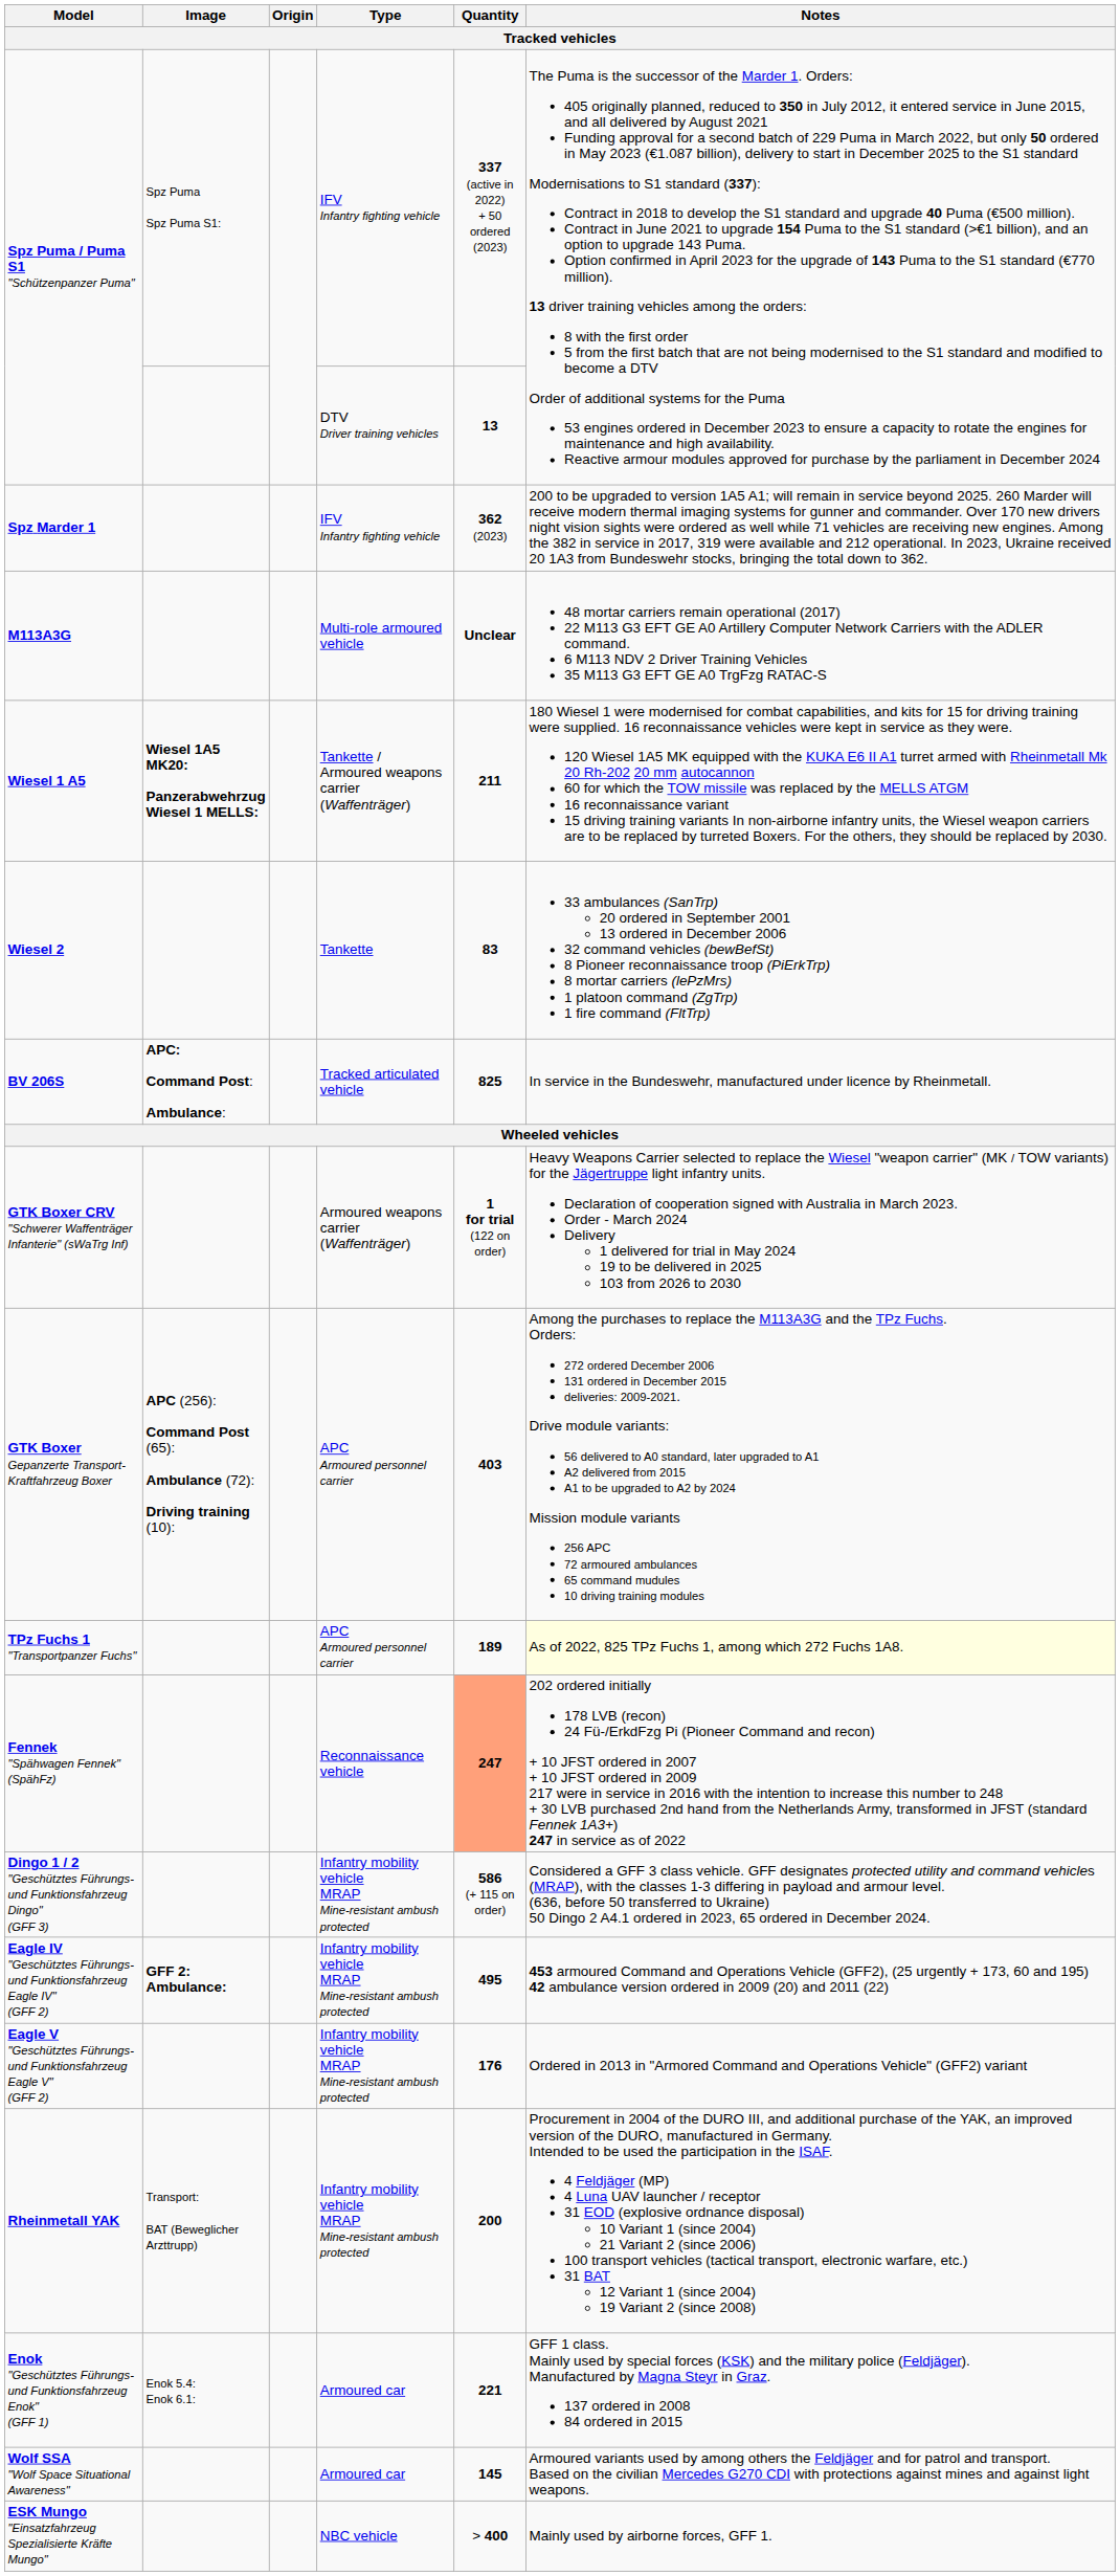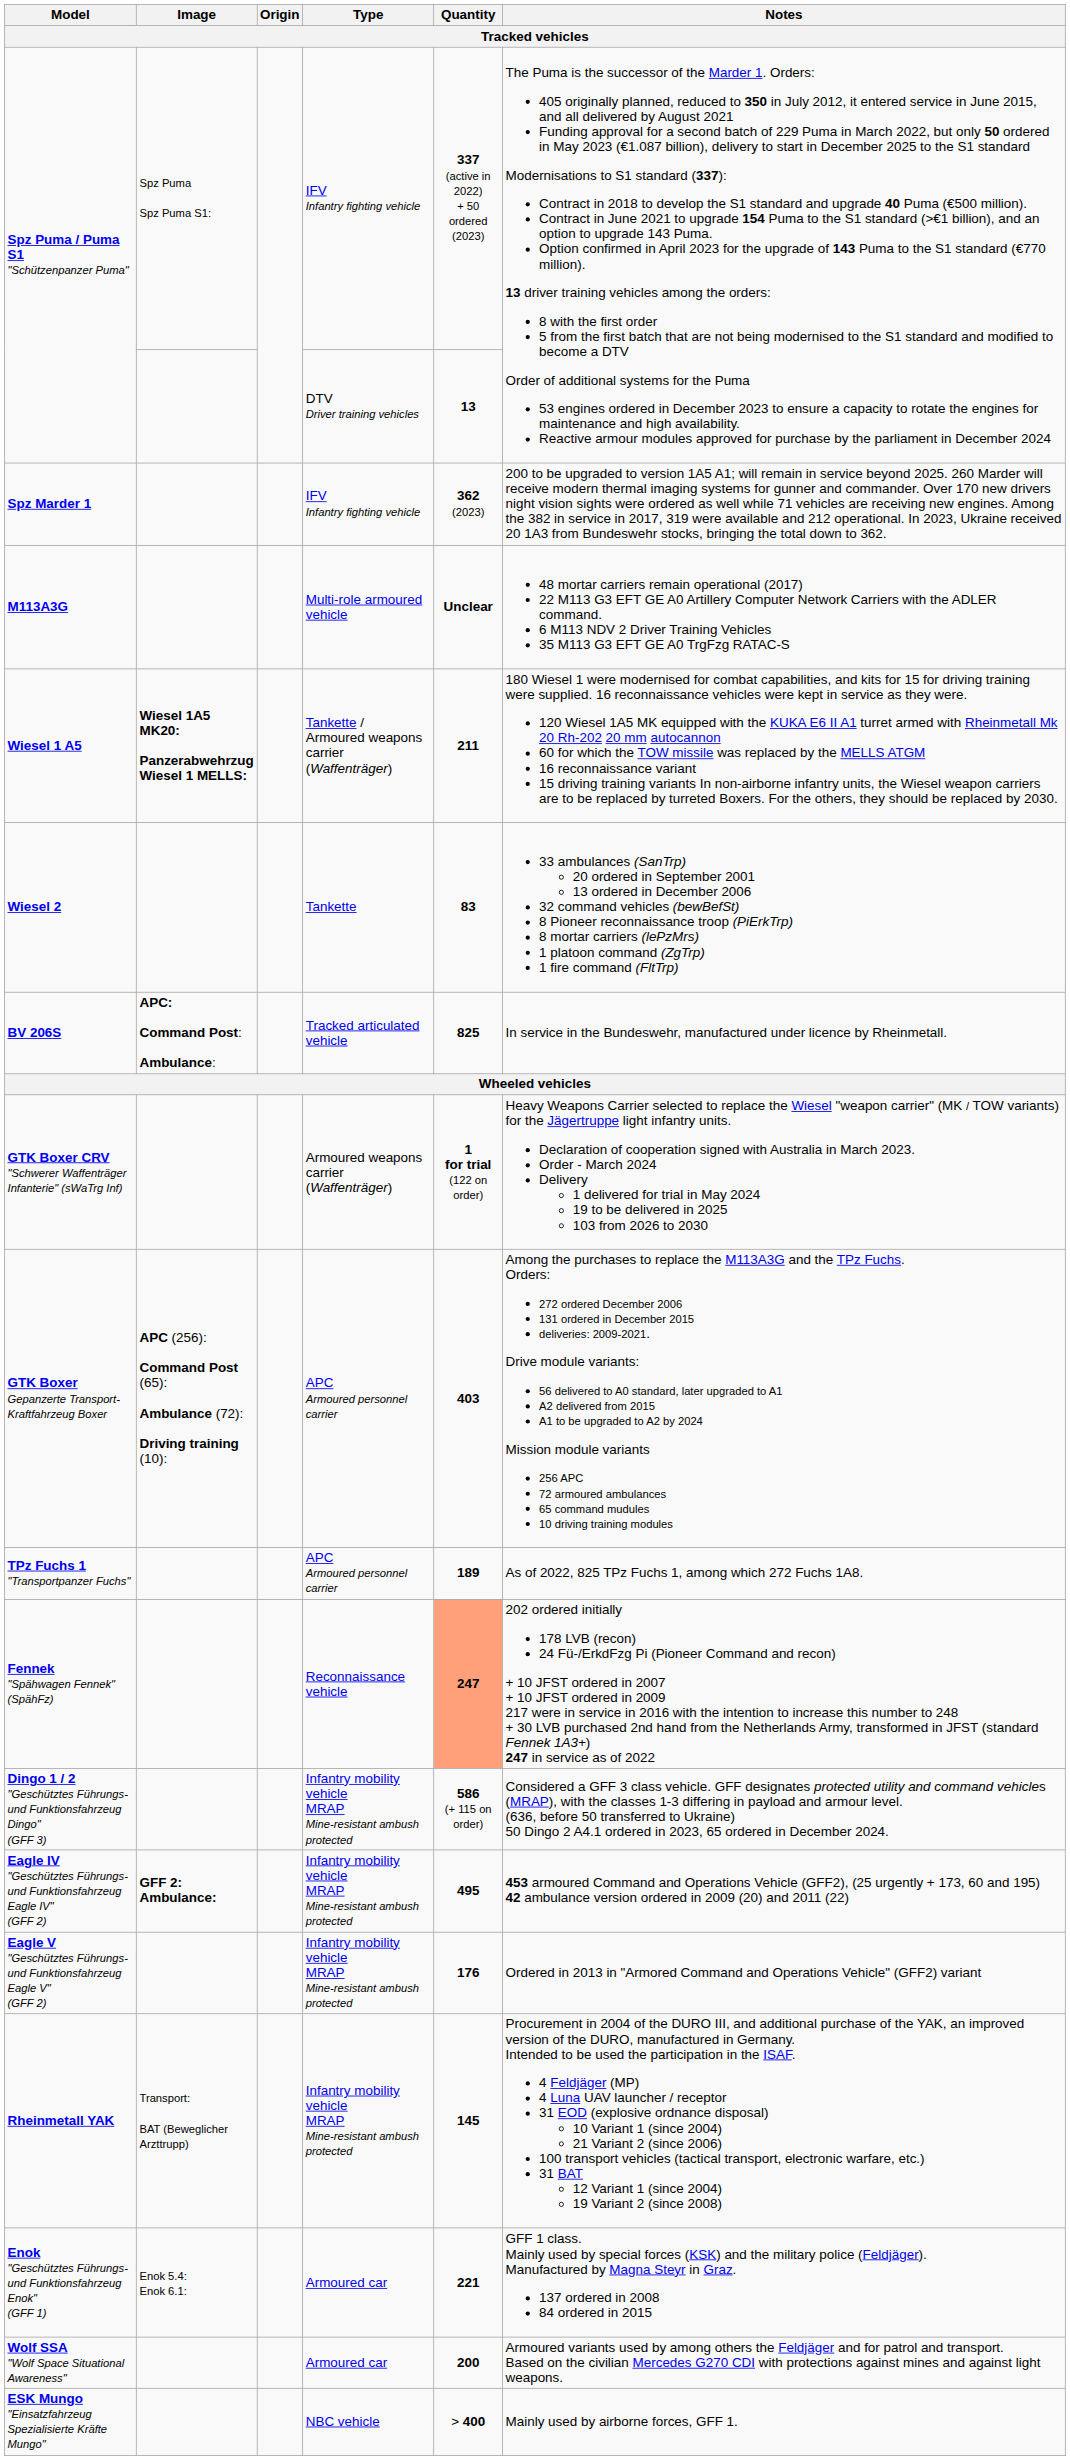 <table class="wikitable sortable" style="width:100%;">
 <tr>
 <th>Model</th>
 <th style="width:2%">Image</th>
 <th>Origin</th>
 <th>Type</th>
 <th>Quantity</th>
 <th>Notes</th>
 </tr>
 <tr>
 <th colspan="6">Tracked vehicles</th>
 </tr>
 <tr>
 <td rowspan="2"><a href='#'><strong>Spz Puma / Puma S1</strong></a><br><em><small>"Schützenpanzer Puma"</small></em></td>
 <td><small>Spz Puma</small><br><small></small><br><small>Spz Puma S1:</small><br><small></small></td>
 <td rowspan="2"><small></small></td>
 <td><a href='#'>IFV</a><br><em><small>Infantry fighting vehicle</small></em></td>
 <td style="text-align: center;"><strong>337</strong><br><small>(active in 2022)</small><br><small>+ 50 ordered (2023)</small></td>
 <td rowspan="2"><br>The Puma is the successor of the <a href='#'>Marder 1</a>. Orders:<ul><li>405 originally planned, reduced to <strong>350</strong> in July 2012, it entered service in June 2015, and all delivered by August 2021</li><li>Funding approval for a second batch of 229 Puma in March 2022, but only <strong>50</strong> ordered in May 2023 (€1.087 billion), delivery to start in December 2025 to the S1 standard</li></ul>Modernisations to S1 standard (<strong>337</strong>):<ul><li>Contract in 2018 to develop the S1 standard and upgrade <strong>40</strong> Puma (€500 million).</li><li>Contract in June 2021 to upgrade <strong>154</strong> Puma to the S1 standard (>€1 billion), and an option to upgrade 143 Puma.</li><li>Option confirmed in April 2023 for the upgrade of <strong>143</strong> Puma to the S1 standard (€770 million).</li></ul><strong>13</strong> driver training vehicles among the orders:<ul><li>8 with the first order</li><li>5 from the first batch that are not being modernised to the S1 standard and modified to become a DTV</li></ul>Order of additional systems for the Puma<ul><li>53 engines ordered in December 2023 to ensure a capacity to rotate the engines for maintenance and high availability.</li><li>Reactive armour modules approved for purchase by the parliament in December 2024</li></ul></td>
 </tr>
 <tr>
 <td></td>
 <td>DTV<br><em><small>Driver training vehicles</small></em></td>
 <td style="text-align: center;"><strong>13</strong></td>
 </tr>
 <tr>
 <td><a href='#'><strong>Spz</strong> <strong>Marder 1</strong></a></td>
 <td></td>
 <td><small></small></td>
 <td><a href='#'>IFV</a><br><em><small>Infantry fighting vehicle</small></em></td>
 <td style="text-align: center;"><strong>362</strong><br><small>(2023)</small></td>
 <td>200 to be upgraded to version 1A5 A1; will remain in service beyond 2025. 260 Marder will receive modern thermal imaging systems for gunner and commander. Over 170 new drivers night vision sights were ordered as well while 71 vehicles are receiving new engines. Among the 382 in service in 2017, 319 were available and 212 operational. In 2023, Ukraine received 20 1A3 from Bundeswehr stocks, bringing the total down to 362.</td>
 </tr>
 <tr>
 <td><a href='#'><strong>M113A3G</strong></a></td>
 <td></td>
 <td><small></small></td>
 <td><a href='#'>Multi-role armoured vehicle</a></td>
 <td style="text-align: center;"><strong>Unclear</strong></td>
 <td><br><ul><li>48 mortar carriers remain operational (2017)</li><li>22 M113 G3 EFT GE A0 Artillery Computer Network Carriers with the ADLER command.</li><li>6 M113 NDV 2 Driver Training Vehicles</li><li>35 M113 G3 EFT GE A0 TrgFzg RATAC-S</li></ul></td>
 </tr>
 <tr>
 <td><a href='#'><strong>Wiesel 1 A5</strong></a></td>
 <td><strong>Wiesel 1A5 MK20:</strong><br><br><strong>Panzerabwehrzug Wiesel 1 MELLS:</strong><br></td>
 <td><small><br></small></td>
 <td><a href='#'>Tankette</a> /<br>Armoured weapons carrier (<em>Waffenträger</em>)</td>
 <td style="text-align: center;"><strong>211</strong></td>
 <td>180 Wiesel 1 were modernised for combat capabilities, and kits for 15 for driving training were supplied. 16 reconnaissance vehicles were kept in service as they were.<br><ul><li>120 Wiesel 1A5 MK equipped with the <a href='#'>KUKA E6 II A1</a> turret armed with <a href='#'>Rheinmetall Mk 20 Rh-202</a> <a href='#'>20 mm</a> <a href='#'>autocannon</a></li><li>60 for which the <a href='#'>TOW missile</a> was replaced by the <a href='#'>MELLS ATGM</a></li><li>16 reconnaissance variant</li><li>15 driving training variants In non-airborne infantry units, the Wiesel weapon carriers are to be replaced by turreted Boxers. For the others, they should be replaced by 2030.</li></ul></td>
 </tr>
 <tr>
 <td><a href='#'><strong>Wiesel 2</strong></a></td>
 <td></td>
 <td><small><br></small></td>
 <td><a href='#'>Tankette</a></td>
 <td style="text-align: center;"><strong>83</strong></td>
 <td><br><ul><li>33 ambulances <em>(SanTrp)</em><ul><li>20 ordered in September 2001</li><li>13 ordered in December 2006</li></ul></li><li>32 command vehicles <em>(bewBefSt)</em></li><li>8 Pioneer reconnaissance troop <em>(PiErkTrp)</em></li><li>8 mortar carriers <em>(lePzMrs)</em></li><li>1 platoon command <em>(ZgTrp)</em></li><li>1 fire command <em>(FltTrp)</em></li></ul></td>
 </tr>
 <tr>
 <td><a href='#'><strong>BV 206S</strong></a></td>
 <td><strong>APC:</strong><br><br><strong>Command Post</strong>:<br><br><strong>Ambulance</strong>:<br></td>
 <td><small><br></small></td>
 <td><a href='#'>Tracked articulated vehicle</a></td>
 <td style="text-align: center;"><strong>825</strong></td>
 <td>In service in the Bundeswehr, manufactured under licence by Rheinmetall.</td>
 </tr>
 <tr>
 <th colspan="6">Wheeled vehicles</th>
 </tr>
 <tr>
 <td><a href='#'><strong>GTK Boxer CRV</strong></a><br><small><em>"Schwerer Waffenträger Infanterie" (sWaTrg Inf)</em></small></td>
 <td></td>
 <td><small><br></small></td>
 <td>Armoured weapons carrier (<em>Waffenträger</em>)</td>
 <td style="text-align: center;"><strong>1</strong><br><strong>for trial</strong><br><small>(122 on order)</small></td>
 <td>Heavy Weapons Carrier selected to replace the <a href='#'>Wiesel</a> "weapon carrier" (MK <small>/</small> TOW variants) for the <a href='#'>Jägertruppe</a> light infantry units.<br><ul><li>Declaration of cooperation signed with Australia in March 2023.</li><li>Order - March 2024</li><li>Delivery<ul><li>1 delivered for trial in May 2024</li><li>19 to be delivered in 2025</li><li>103 from 2026 to 2030</li></ul></li></ul></td>
 </tr>
 <tr>
 <td><a href='#'><strong>GTK Boxer</strong></a><br><em><small>Gepanzerte Transport-Kraftfahrzeug Boxer</small></em></td>
 <td><strong>APC</strong> (256):<br><br><strong>Command Post</strong> (65):<br><br><strong>Ambulance</strong> (72):<br><br><strong>Driving training</strong> (10):<br></td>
 <td><small><br></small></td>
 <td><a href='#'>APC</a><br><small><em>Armoured personnel carrier</em></small></td>
 <td style="text-align: center;"><strong>403</strong></td>
 <td>Among the purchases to replace the <a href='#'>M113A3G</a> and the <a href='#'>TPz Fuchs</a>.<br>Orders:<ul><li><small>272 ordered December 2006</small></li><li><small>131 ordered in December 2015</small></li><li><small>deliveries: 2009-2021</small>.</li></ul>Drive module variants:<ul><li><small>56 delivered to A0 standard, later upgraded to A1</small></li><li><small>A2 delivered from 2015</small></li><li><small>A1 to be upgraded to A2 by 2024</small></li></ul>Mission module variants<ul><li><small>256 APC</small></li><li><small>72 armoured ambulances</small></li><li><small>65 command mudules</small></li><li><small>10 driving training modules</small></li></ul></td>
 </tr>
 <tr>
 <td><strong><a href='#'>TPz Fuchs 1</a></strong><br><em><small>"Transportpanzer Fuchs"</small></em></td>
 <td></td>
 <td><small></small></td>
 <td><a href='#'>APC</a><br><small><em>Armoured personnel carrier</em></small></td>
 <td style="text-align: center;"><strong>189</strong></td>
-<td style="background: lightyellow;">As of 2022, 825 TPz Fuchs 1, among which 272 Fuchs 1A8.</td>
+<td>As of 2022, 825 TPz Fuchs 1, among which 272 Fuchs 1A8.</td>
 </tr>
 <tr>
 <td><strong><a href='#'>Fennek</a></strong><br><em><small>"Spähwagen Fennek"</small></em> <br><em><small>(SpähFz)</small></em></td>
 <td></td>
 <td><small><br></small></td>
 <td><a href='#'>Reconnaissance vehicle</a></td>
 <td style="background: lightsalmon; text-align: center;"><strong>247</strong></td>
 <td>202 ordered initially<br><ul><li>178 LVB (recon)</li><li>24 Fü-/ErkdFzg Pi (Pioneer Command and recon)</li></ul>+ 10 JFST ordered in 2007<br>+ 10 JFST ordered in 2009<br>217 were in service in 2016 with the intention to increase this number to 248<br>+ 30 LVB purchased 2nd hand from the Netherlands Army, transformed in JFST (standard <em>Fennek 1A3+</em>)<br><strong>247</strong> in service as of 2022</td>
 </tr>
 <tr>
 <td><a href='#'><strong>Dingo 1 / 2</strong></a><br><em><small>"Geschütztes Führungs- und Funktionsfahrzeug Dingo"<br>(GFF 3)</small></em></td>
 <td></td>
 <td><small></small></td>
 <td><a href='#'>Infantry mobility vehicle</a><br><a href='#'>MRAP</a><br><em><small>Mine-resistant ambush protected</small></em></td>
 <td style="text-align: center;"><strong>586</strong><br><small>(+ 115 on order)</small></td>
 <td>Considered a GFF 3 class vehicle. GFF designates <em>protected utility and command vehicle</em>s (<a href='#'>MRAP</a>), with the classes 1-3 differing in payload and armour level.<br>(636, before 50 transferred to Ukraine)<br>50 Dingo 2 A4.1 ordered in 2023, 65 ordered in December 2024.</td>
 </tr>
 <tr>
 <td><a href='#'><strong>Eagle IV</strong></a><br><em><small>"Geschütztes Führungs- und Funktionsfahrzeug Eagle IV"<br>(GFF 2)</small></em></td>
 <td><strong>GFF 2:</strong><br> <strong>Ambulance:</strong>  </td>
 <td><small><br></small></td>
 <td><a href='#'>Infantry mobility vehicle</a><br><a href='#'>MRAP</a><br><em><small>Mine-resistant ambush protected</small></em></td>
 <td style="text-align: center;"><strong>495</strong></td>
 <td><strong>453</strong> armoured Command and Operations Vehicle (GFF2), (25 urgently +  173, 60 and 195)<br><strong>42</strong> ambulance version ordered in 2009 (20) and 2011 (22)</td>
 </tr>
 <tr>
 <td><a href='#'><strong>Eagle V</strong></a><br><em><small>"Geschütztes Führungs- und Funktionsfahrzeug Eagle V"<br>(GFF 2)</small></em></td>
 <td></td>
 <td><small><br></small></td>
 <td><a href='#'>Infantry mobility vehicle</a><br><a href='#'>MRAP</a><br><em><small>Mine-resistant ambush protected</small></em></td>
 <td style="text-align: center;"><strong>176</strong></td>
 <td>Ordered in 2013 in "Armored Command and Operations Vehicle" (GFF2) variant</td>
 </tr>
 <tr>
 <td><strong><a href='#'>Rheinmetall YAK</a></strong></td>
 <td><small>Transport:</small><br><small></small><br><small>BAT (Beweglicher Arzttrupp)</small><br><small></small></td>
 <td><small><br></small></td>
 <td><a href='#'>Infantry mobility vehicle</a><br><a href='#'>MRAP</a><br><em><small>Mine-resistant ambush protected</small></em></td>
-<td style="text-align: center;"><strong>200</strong></td>
+<td style="text-align: center;"><strong>145</strong></td>
 <td>Procurement in 2004 of the DURO III, and additional purchase of the YAK, an improved version of the DURO, manufactured in Germany.<br>Intended to be used the participation in the <a href='#'>ISAF</a>.<ul><li>4 <a href='#'>Feldjäger</a> (MP)</li><li>4 <a href='#'>Luna</a> UAV launcher / receptor</li><li>31 <a href='#'>EOD</a> (explosive ordnance disposal)<ul><li>10 Variant 1 (since 2004)</li><li>21 Variant 2 (since 2006)</li></ul></li><li>100 transport vehicles (tactical transport, electronic warfare, etc.)</li><li>31 <a href='#'>BAT</a><ul><li>12 Variant 1 (since 2004)</li><li>19 Variant 2 (since 2008)</li></ul></li></ul></td>
 </tr>
 <tr>
 <td><a href='#'><strong>Enok</strong></a><br><em><small>"Geschütztes Führungs- und Funktionsfahrzeug Enok"<br>(GFF 1)</small></em></td>
 <td><small>Enok 5.4:</small><br><small>Enok 6.1:</small></td>
 <td><small><br></small></td>
 <td><a href='#'>Armoured car</a></td>
 <td style="text-align: center;"><strong>221</strong></td>
 <td>GFF 1 class.<br>Mainly used by special forces (<a href='#'>KSK</a>) and the military police (<a href='#'>Feldjäger</a>).  <br>Manufactured by <a href='#'>Magna Steyr</a> in <a href='#'>Graz</a>.<ul><li>137 ordered in 2008</li><li>84 ordered in 2015</li></ul></td>
 </tr>
 <tr>
 <td><a href='#'><strong>Wolf <abbr>SSA</abbr></strong></a><br><em><small>"Wolf Space Situational Awareness"</small></em></td>
 <td></td>
 <td><small><br></small></td>
 <td><a href='#'>Armoured car</a></td>
-<td style="text-align: center;"><strong>145</strong></td>
+<td style="text-align: center;"><strong>200</strong></td>
 <td>Armoured variants used by among others the <a href='#'>Feldjäger</a> and for patrol and transport.<br>Based on the civilian <a href='#'>Mercedes G270 CDI</a> with protections against mines and against light weapons.</td>
 </tr>
 <tr>
 <td><strong><a href='#'>ESK Mungo</a></strong><br><small><em>"Einsatzfahrzeug Spezialisierte Kräfte Mungo"</em></small></td>
 <td></td>
 <td><small></small></td>
 <td><a href='#'>NBC vehicle</a></td>
 <td style="text-align: center;">> <strong>400</strong></td>
 <td>Mainly used by airborne forces, GFF 1.</td>
 </tr>
 </table>
